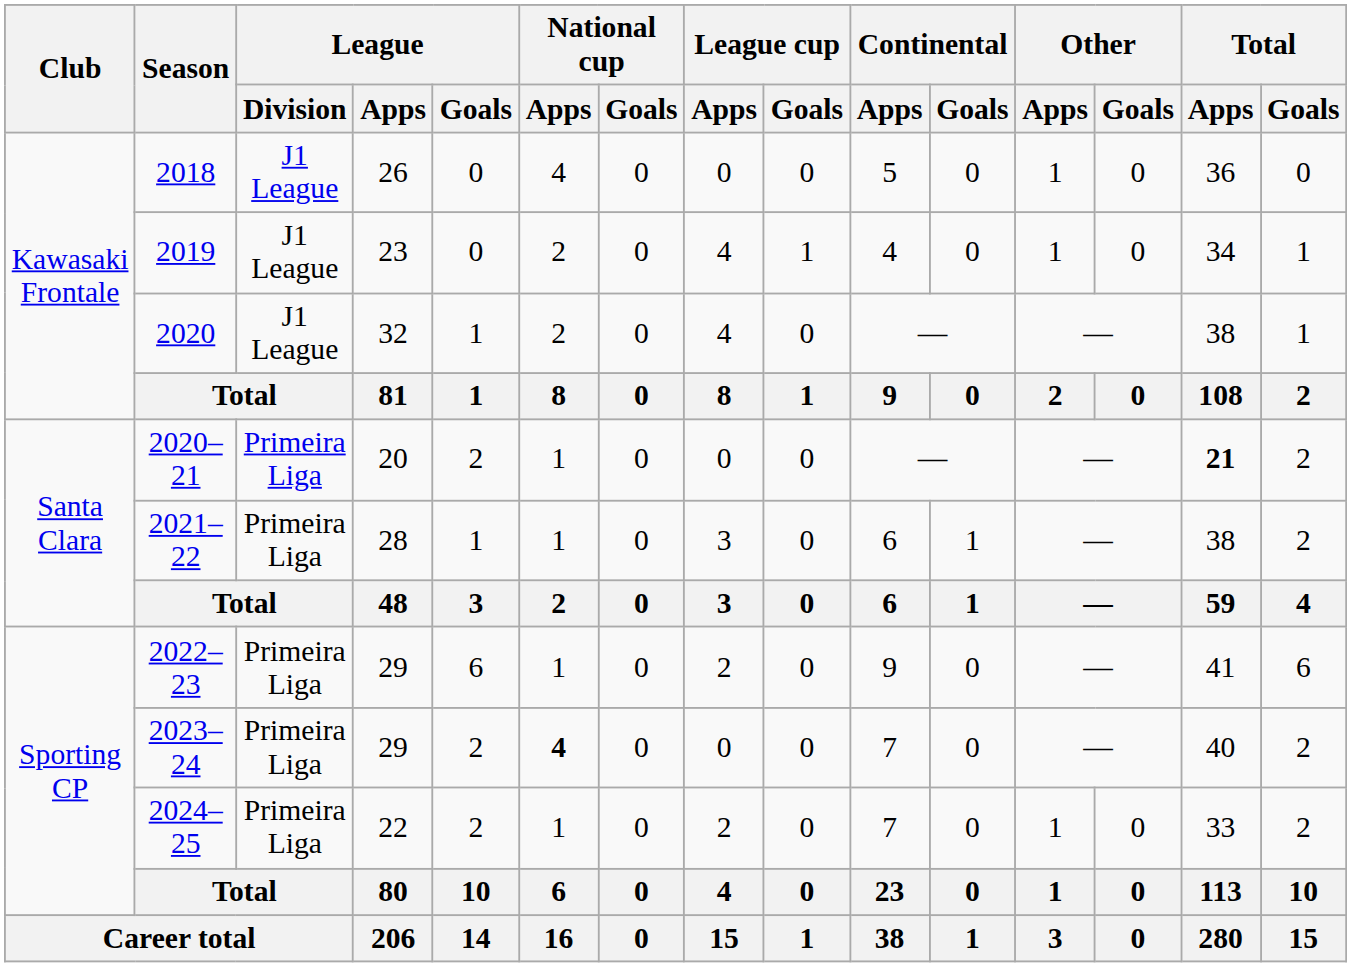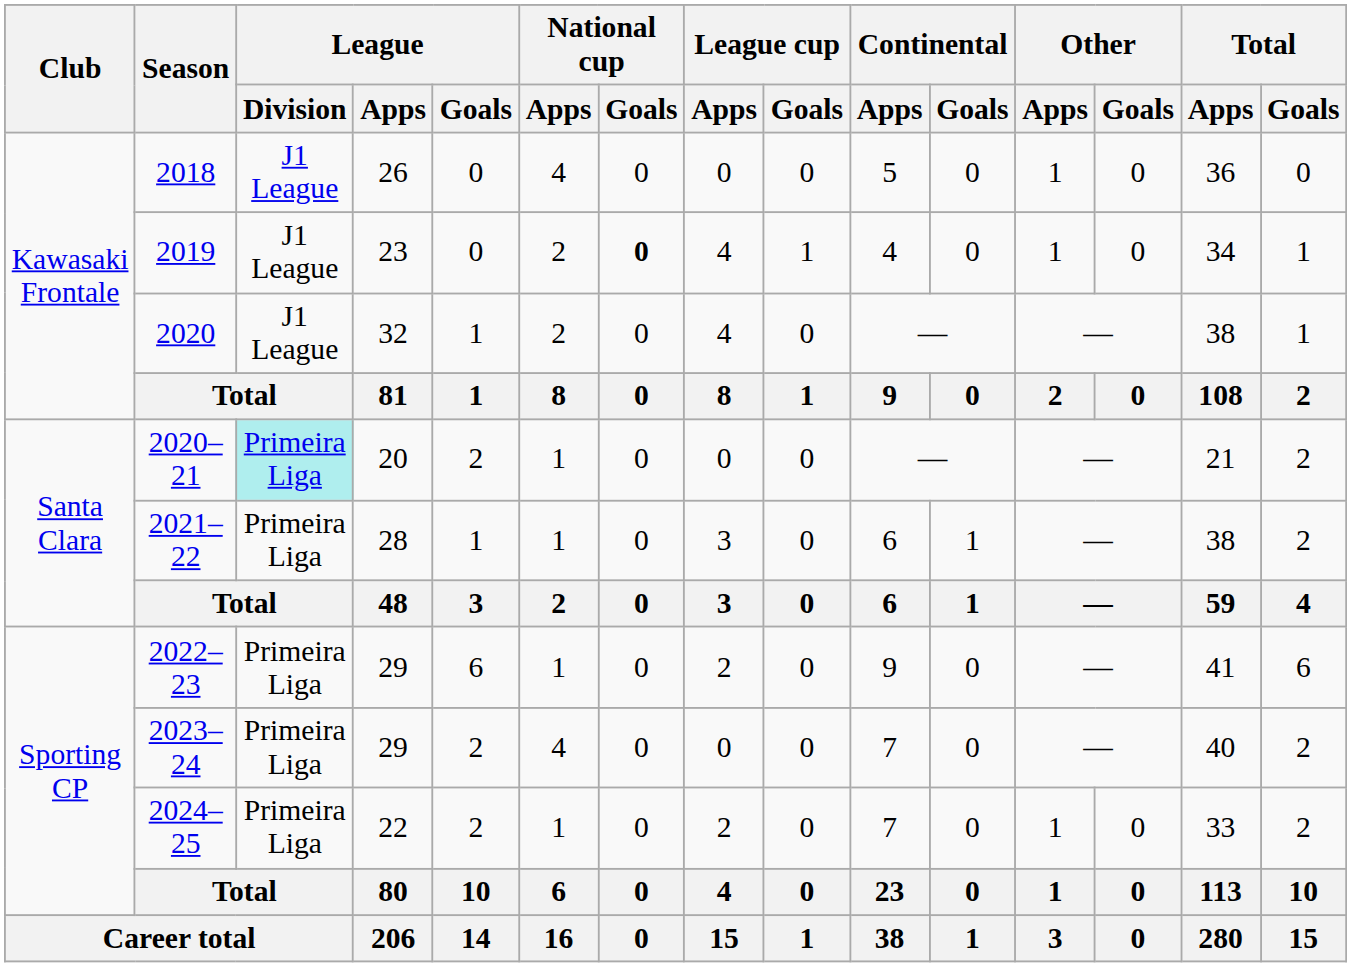 <table class="wikitable" style="text-align:center">
 <tr>
 <th rowspan="2">Club</th>
 <th rowspan="2">Season</th>
 <th colspan="3">League</th>
 <th colspan="2">National cup</th>
 <th colspan="2">League cup</th>
 <th colspan="2">Continental</th>
 <th colspan="2">Other</th>
 <th colspan="2">Total</th>
 </tr>
 <tr>
 <th>Division</th>
 <th>Apps</th>
 <th>Goals</th>
 <th>Apps</th>
 <th>Goals</th>
 <th>Apps</th>
 <th>Goals</th>
 <th>Apps</th>
 <th>Goals</th>
 <th>Apps</th>
 <th>Goals</th>
 <th>Apps</th>
 <th>Goals</th>
 </tr>
 <tr>
 <td rowspan="4"><a href='#'>Kawasaki Frontale</a></td>
 <td><a href='#'>2018</a></td>
 <td><a href='#'>J1 League</a></td>
 <td>26</td>
 <td>0</td>
 <td>4</td>
 <td>0</td>
 <td>0</td>
 <td>0</td>
 <td>5</td>
 <td>0</td>
 <td>1</td>
 <td>0</td>
 <td>36</td>
 <td>0</td>
 </tr>
 <tr>
 <td><a href='#'>2019</a></td>
 <td>J1 League</td>
 <td>23</td>
 <td>0</td>
 <td>2</td>
-<td>0</td>
+<td><strong>0</strong></td>
 <td>4</td>
 <td>1</td>
 <td>4</td>
 <td>0</td>
 <td>1</td>
 <td>0</td>
 <td>34</td>
 <td>1</td>
 </tr>
 <tr>
 <td><a href='#'>2020</a></td>
 <td>J1 League</td>
 <td>32</td>
 <td>1</td>
 <td>2</td>
 <td>0</td>
 <td>4</td>
 <td>0</td>
 <td colspan="2">—</td>
 <td colspan="2">—</td>
 <td>38</td>
 <td>1</td>
 </tr>
 <tr>
 <th colspan="2">Total</th>
 <th>81</th>
 <th>1</th>
 <th>8</th>
 <th>0</th>
 <th>8</th>
 <th>1</th>
 <th>9</th>
 <th>0</th>
 <th>2</th>
 <th>0</th>
 <th>108</th>
 <th>2</th>
 </tr>
 <tr>
 <td rowspan="3"><a href='#'>Santa Clara</a></td>
 <td><a href='#'>2020–21</a></td>
-<td><a href='#'>Primeira Liga</a></td>
+<td style="background: paleturquoise;"><a href='#'>Primeira Liga</a></td>
 <td>20</td>
 <td>2</td>
 <td>1</td>
 <td>0</td>
 <td>0</td>
 <td>0</td>
 <td colspan="2">—</td>
 <td colspan="2">—</td>
-<td><strong>21</strong></td>
+<td>21</td>
 <td>2</td>
 </tr>
 <tr>
 <td><a href='#'>2021–22</a></td>
 <td>Primeira Liga</td>
 <td>28</td>
 <td>1</td>
 <td>1</td>
 <td>0</td>
 <td>3</td>
 <td>0</td>
 <td>6</td>
 <td>1</td>
 <td colspan="2">—</td>
 <td>38</td>
 <td>2</td>
 </tr>
 <tr>
 <th colspan="2">Total</th>
 <th>48</th>
 <th>3</th>
 <th>2</th>
 <th>0</th>
 <th>3</th>
 <th>0</th>
 <th>6</th>
 <th>1</th>
 <th colspan="2">—</th>
 <th>59</th>
 <th>4</th>
 </tr>
 <tr>
 <td rowspan="4"><a href='#'>Sporting CP</a></td>
 <td><a href='#'>2022–23</a></td>
 <td>Primeira Liga</td>
 <td>29</td>
 <td>6</td>
 <td>1</td>
 <td>0</td>
 <td>2</td>
 <td>0</td>
 <td>9</td>
 <td>0</td>
 <td colspan="2">—</td>
 <td>41</td>
 <td>6</td>
 </tr>
 <tr>
 <td><a href='#'>2023–24</a></td>
 <td>Primeira Liga</td>
 <td>29</td>
 <td>2</td>
-<td><strong>4</strong></td>
+<td>4</td>
 <td>0</td>
 <td>0</td>
 <td>0</td>
 <td>7</td>
 <td>0</td>
 <td colspan="2">—</td>
 <td>40</td>
 <td>2</td>
 </tr>
 <tr>
 <td><a href='#'>2024–25</a></td>
 <td>Primeira Liga</td>
 <td>22</td>
 <td>2</td>
 <td>1</td>
 <td>0</td>
 <td>2</td>
 <td>0</td>
 <td>7</td>
 <td>0</td>
 <td>1</td>
 <td>0</td>
 <td>33</td>
 <td>2</td>
 </tr>
 <tr>
 <th colspan="2">Total</th>
 <th>80</th>
 <th>10</th>
 <th>6</th>
 <th>0</th>
 <th>4</th>
 <th>0</th>
 <th>23</th>
 <th>0</th>
 <th>1</th>
 <th>0</th>
 <th>113</th>
 <th>10</th>
 </tr>
 <tr>
 <th colspan="3">Career total</th>
 <th>206</th>
 <th>14</th>
 <th>16</th>
 <th>0</th>
 <th>15</th>
 <th>1</th>
 <th>38</th>
 <th>1</th>
 <th>3</th>
 <th>0</th>
 <th>280</th>
 <th>15</th>
 </tr>
 </table>
